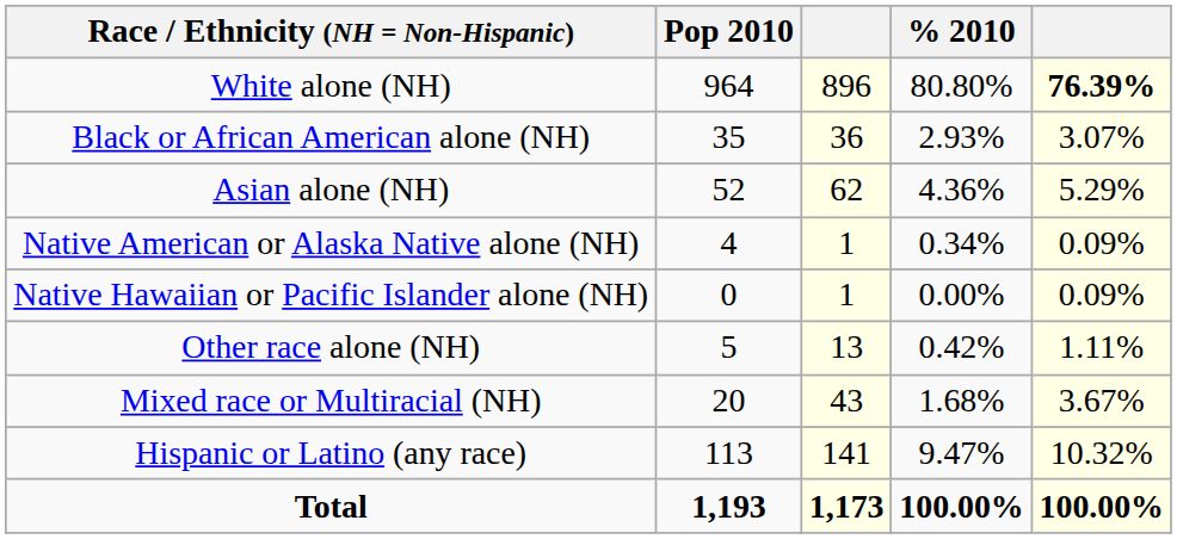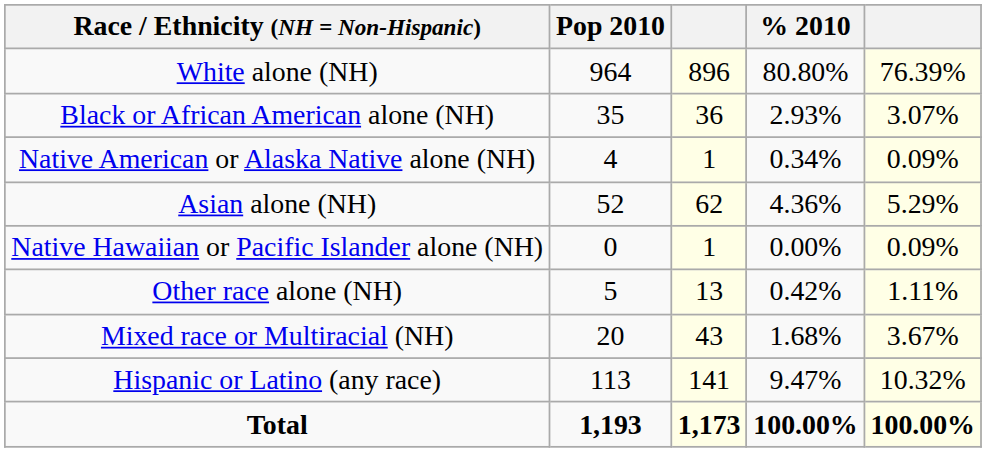 <table class="wikitable" style="text-align:center;">
 <tr>
 <th>Race / Ethnicity <small>(<em>NH = Non-Hispanic</em>)</small></th>
 <th>Pop 2010</th>
 <th></th>
 <th>% 2010</th>
 <th></th>
 </tr>
 <tr>
 <td><a href='#'>White</a> alone (NH)</td>
 <td>964</td>
 <td style='background: #ffffe6;'>896</td>
 <td>80.80%</td>
-<td style='background: #ffffe6;'><strong>76.39%</strong></td>
+<td style='background: #ffffe6;'>76.39%</td>
 </tr>
 <tr>
 <td><a href='#'>Black or African American</a> alone (NH)</td>
 <td>35</td>
 <td style='background: #ffffe6;'>36</td>
 <td>2.93%</td>
 <td style='background: #ffffe6;'>3.07%</td>
 </tr>
 <tr>
+<td><a href='#'>Native American</a> or <a href='#'>Alaska Native</a> alone (NH)</td>
+<td>4</td>
+<td style='background: #ffffe6;'>1</td>
+<td>0.34%</td>
+<td style='background: #ffffe6;'>0.09%</td>
+</tr>
+<tr>
 <td><a href='#'>Asian</a> alone (NH)</td>
 <td>52</td>
 <td style='background: #ffffe6;'>62</td>
 <td>4.36%</td>
 <td style='background: #ffffe6;'>5.29%</td>
-</tr>
-<tr>
-<td><a href='#'>Native American</a> or <a href='#'>Alaska Native</a> alone (NH)</td>
-<td>4</td>
-<td style='background: #ffffe6;'>1</td>
-<td>0.34%</td>
-<td style='background: #ffffe6;'>0.09%</td>
 </tr>
 <tr>
 <td><a href='#'>Native Hawaiian</a> or <a href='#'>Pacific Islander</a> alone (NH)</td>
 <td>0</td>
 <td style='background: #ffffe6;'>1</td>
 <td>0.00%</td>
 <td style='background: #ffffe6;'>0.09%</td>
 </tr>
 <tr>
 <td><a href='#'>Other race</a> alone (NH)</td>
 <td>5</td>
 <td style='background: #ffffe6;'>13</td>
 <td>0.42%</td>
 <td style='background: #ffffe6;'>1.11%</td>
 </tr>
 <tr>
 <td><a href='#'>Mixed race or Multiracial</a> (NH)</td>
 <td>20</td>
 <td style='background: #ffffe6;'>43</td>
 <td>1.68%</td>
 <td style='background: #ffffe6;'>3.67%</td>
 </tr>
 <tr>
 <td><a href='#'>Hispanic or Latino</a> (any race)</td>
 <td>113</td>
 <td style='background: #ffffe6;'>141</td>
 <td>9.47%</td>
 <td style='background: #ffffe6;'>10.32%</td>
 </tr>
 <tr>
 <td><strong>Total</strong></td>
 <td><strong>1,193</strong></td>
 <td style='background: #ffffe6;'><strong>1,173</strong></td>
 <td><strong>100.00%</strong></td>
 <td style='background: #ffffe6;'><strong>100.00%</strong></td>
 </tr>
 </table>
